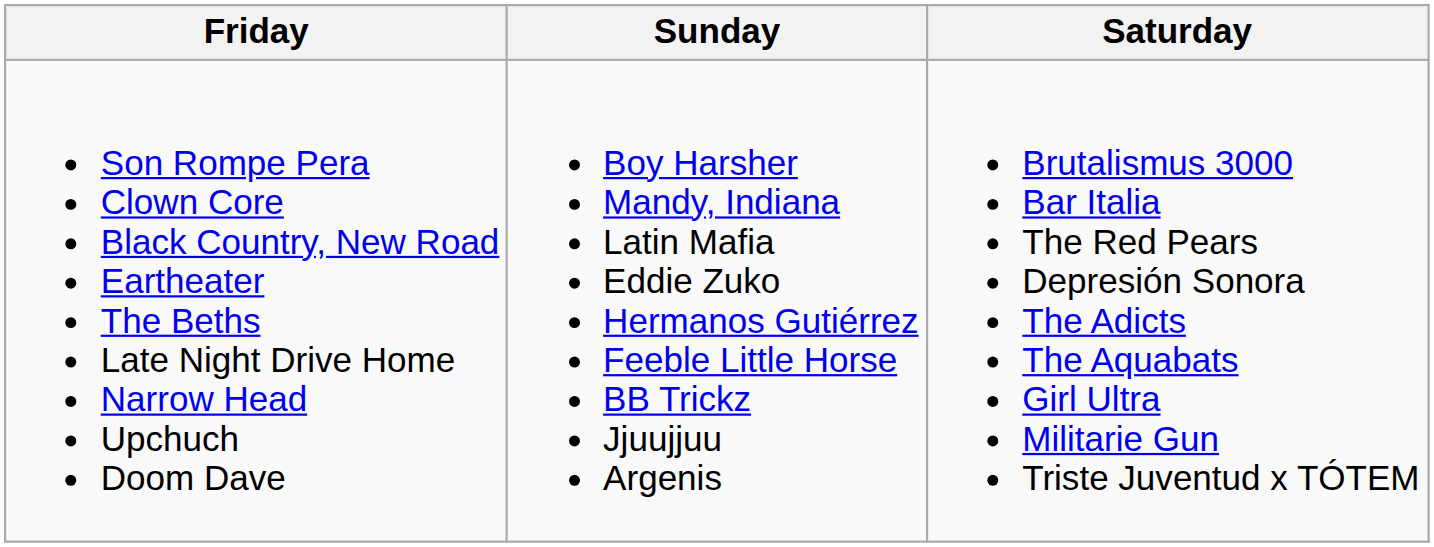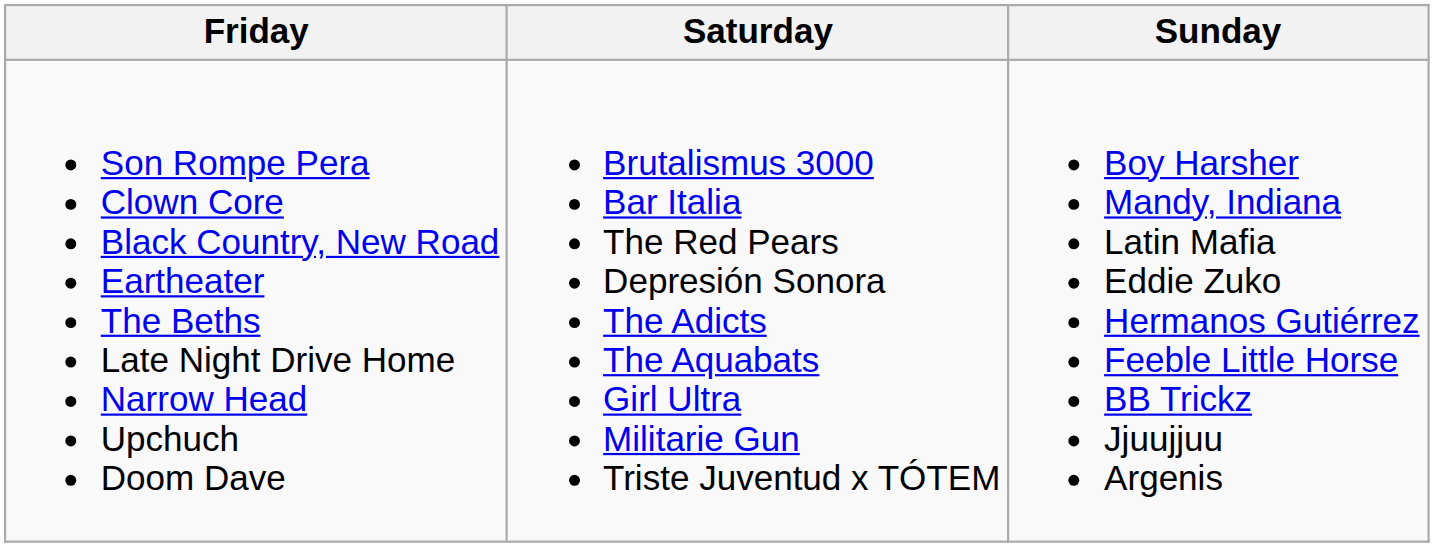 <table class="wikitable">
 <tr>
 <th>Friday</th>
+<th>Saturday</th>
 <th>Sunday</th>
-<th>Saturday</th>
 </tr>
 <tr valign="top">
 <td><br><ul><li><a href='#'>Son Rompe Pera</a></li><li><a href='#'>Clown Core</a></li><li><a href='#'>Black Country, New Road</a></li><li><a href='#'>Eartheater</a></li><li><a href='#'>The Beths</a></li><li>Late Night Drive Home</li><li><a href='#'>Narrow Head</a></li><li>Upchuch</li><li>Doom Dave</li></ul></td>
+<td><br><ul><li><a href='#'>Brutalismus 3000</a></li><li><a href='#'>Bar Italia</a></li><li>The Red Pears</li><li>Depresión Sonora</li><li><a href='#'>The Adicts</a></li><li><a href='#'>The Aquabats</a></li><li><a href='#'>Girl Ultra</a></li><li><a href='#'>Militarie Gun</a></li><li>Triste Juventud x TÓTEM</li></ul></td>
 <td><br><ul><li><a href='#'>Boy Harsher</a></li><li><a href='#'>Mandy, Indiana</a></li><li>Latin Mafia</li><li>Eddie Zuko</li><li><a href='#'>Hermanos Gutiérrez</a></li><li><a href='#'>Feeble Little Horse</a></li><li><a href='#'>BB Trickz</a></li><li>Jjuujjuu</li><li>Argenis</li></ul></td>
-<td><br><ul><li><a href='#'>Brutalismus 3000</a></li><li><a href='#'>Bar Italia</a></li><li>The Red Pears</li><li>Depresión Sonora</li><li><a href='#'>The Adicts</a></li><li><a href='#'>The Aquabats</a></li><li><a href='#'>Girl Ultra</a></li><li><a href='#'>Militarie Gun</a></li><li>Triste Juventud x TÓTEM</li></ul></td>
 </tr>
 </table>
